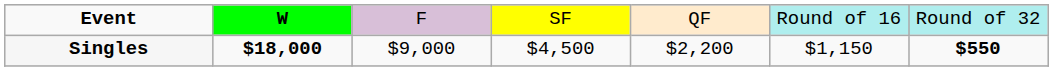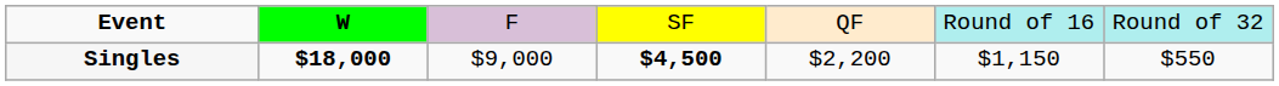 <table class=wikitable style=font-size:95%;text-align:center>
 <tr>
 <td style="width:130px"><strong>Event</strong></td>
 <td style="width:85px; background:lime"><strong>W</strong></td>
 <td style="width:85px; background:thistle">F</td>
 <td style="width:85px; background:#ffff00">SF</td>
 <td style="width:85px; background:#ffebcd">QF</td>
 <td style="width:85px; background:#afeeee">Round of 16</td>
 <td style="width:85px; background:#afeeee">Round of 32</td>
 </tr>
 <tr>
 <th style=background:#f6f6f6>Singles </th>
 <td><strong>$18,000</strong></td>
 <td>$9,000</td>
-<td>$4,500</td>
+<td><strong>$4,500</strong></td>
 <td>$2,200</td>
 <td>$1,150</td>
-<td><strong>$550</strong></td>
+<td>$550</td>
 </tr>
 </table>
